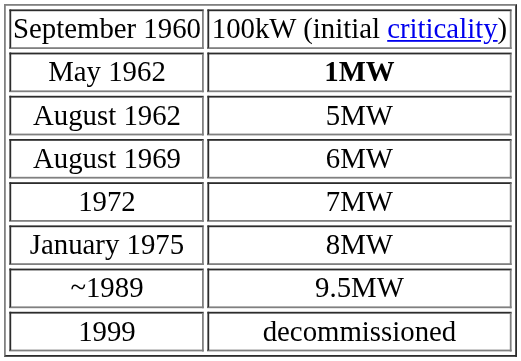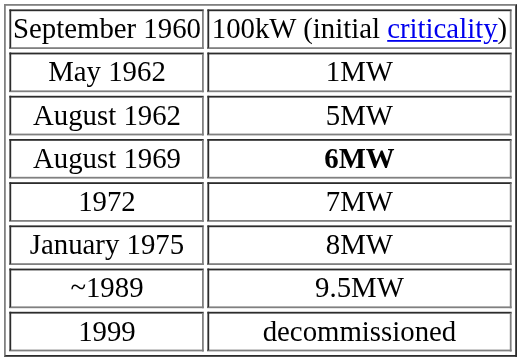 <table border="1" style="text-align:center">
 <tr>
 <td>September 1960</td>
 <td>100kW (initial <a href='#'>criticality</a>)</td>
 </tr>
 <tr>
 <td>May 1962</td>
-<td><strong>1MW</strong></td>
+<td>1MW</td>
 </tr>
 <tr>
 <td>August 1962</td>
 <td>5MW</td>
 </tr>
 <tr>
 <td>August 1969</td>
-<td>6MW</td>
+<td><strong>6MW</strong></td>
 </tr>
 <tr>
 <td>1972</td>
 <td>7MW</td>
 </tr>
 <tr>
 <td>January 1975</td>
 <td>8MW</td>
 </tr>
 <tr>
 <td>~1989</td>
 <td>9.5MW</td>
 </tr>
 <tr>
 <td>1999</td>
 <td>decommissioned</td>
 </tr>
 </table>
